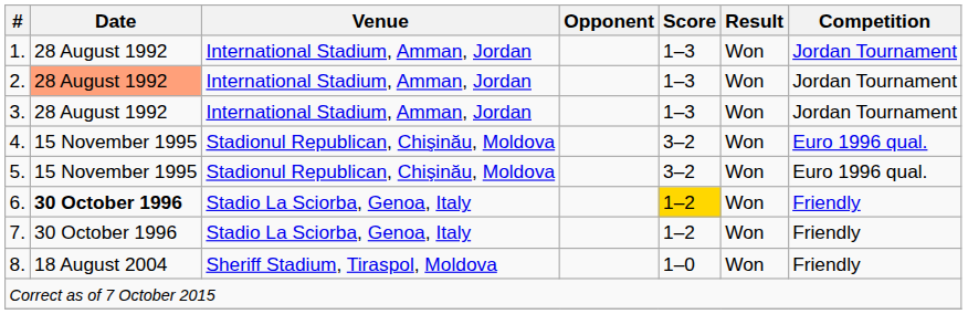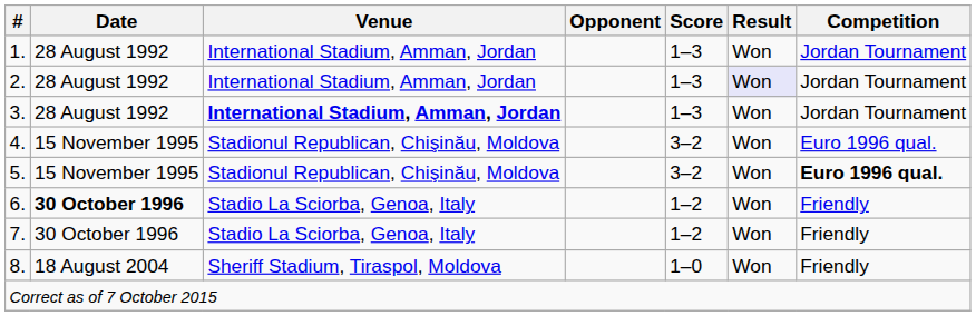 <table class="wikitable" style="font-size:95%;">
 <tr>
 <th>#</th>
 <th>Date</th>
 <th>Venue</th>
 <th>Opponent</th>
 <th>Score</th>
 <th>Result</th>
 <th>Competition</th>
 </tr>
 <tr>
 <td>1.</td>
 <td>28 August 1992</td>
 <td><a href='#'>International Stadium</a>, <a href='#'>Amman</a>, <a href='#'>Jordan</a></td>
 <td></td>
 <td>1–3</td>
 <td>Won</td>
 <td><a href='#'>Jordan Tournament</a></td>
 </tr>
 <tr>
 <td>2.</td>
-<td style="background: lightsalmon;">28 August 1992</td>
+<td>28 August 1992</td>
 <td><a href='#'>International Stadium</a>, <a href='#'>Amman</a>, <a href='#'>Jordan</a></td>
 <td></td>
 <td>1–3</td>
-<td>Won</td>
+<td style="background: lavender;">Won</td>
 <td>Jordan Tournament</td>
 </tr>
 <tr>
 <td>3.</td>
 <td>28 August 1992</td>
-<td><a href='#'>International Stadium</a>, <a href='#'>Amman</a>, <a href='#'>Jordan</a></td>
+<td><strong><a href='#'>International Stadium</a>, <a href='#'>Amman</a>, <a href='#'>Jordan</a></strong></td>
 <td></td>
 <td>1–3</td>
 <td>Won</td>
 <td>Jordan Tournament</td>
 </tr>
 <tr>
 <td>4.</td>
 <td>15 November 1995</td>
 <td><a href='#'>Stadionul Republican</a>, <a href='#'>Chişinău</a>, <a href='#'>Moldova</a></td>
 <td></td>
 <td>3–2</td>
 <td>Won</td>
 <td><a href='#'>Euro 1996 qual.</a></td>
 </tr>
 <tr>
 <td>5.</td>
 <td>15 November 1995</td>
 <td><a href='#'>Stadionul Republican</a>, <a href='#'>Chişinău</a>, <a href='#'>Moldova</a></td>
 <td></td>
 <td>3–2</td>
 <td>Won</td>
-<td>Euro 1996 qual.</td>
+<td><strong>Euro 1996 qual.</strong></td>
 </tr>
 <tr>
 <td>6.</td>
 <td><strong>30 October 1996</strong></td>
 <td><a href='#'>Stadio La Sciorba</a>, <a href='#'>Genoa</a>, <a href='#'>Italy</a></td>
 <td></td>
-<td style="background: gold;">1–2</td>
+<td>1–2</td>
 <td>Won</td>
 <td><a href='#'>Friendly</a></td>
 </tr>
 <tr>
 <td>7.</td>
 <td>30 October 1996</td>
 <td><a href='#'>Stadio La Sciorba</a>, <a href='#'>Genoa</a>, <a href='#'>Italy</a></td>
 <td></td>
 <td>1–2</td>
 <td>Won</td>
 <td>Friendly</td>
 </tr>
 <tr>
 <td>8.</td>
 <td>18 August 2004</td>
 <td><a href='#'>Sheriff Stadium</a>, <a href='#'>Tiraspol</a>, <a href='#'>Moldova</a></td>
 <td></td>
 <td>1–0</td>
 <td>Won</td>
 <td>Friendly</td>
 </tr>
 <tr>
 <td colspan="12"><small><em>Correct as of 7 October 2015</em></small></td>
 </tr>
 <tr>
 </tr>
 </table>
